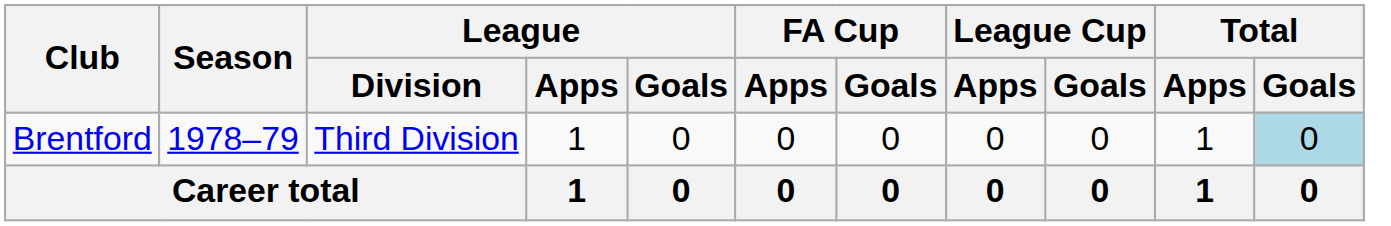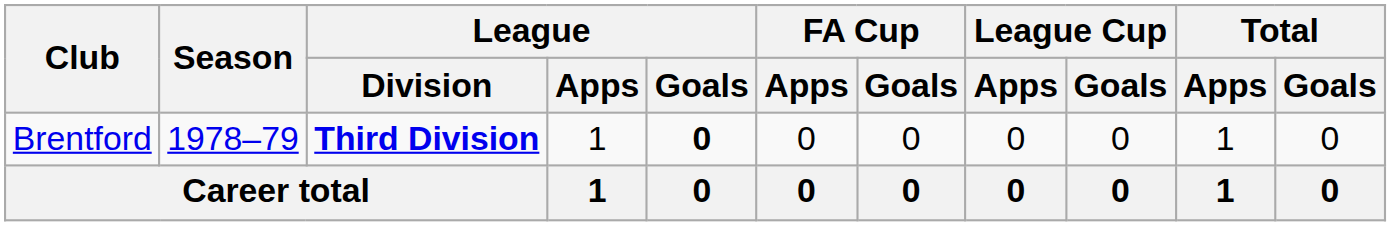 <table class="wikitable" style="text-align: center;">
 <tr>
 <th rowspan="2">Club</th>
 <th rowspan="2">Season</th>
 <th colspan="3">League</th>
 <th colspan="2">FA Cup</th>
 <th colspan="2">League Cup</th>
 <th colspan="2">Total</th>
 </tr>
 <tr>
 <th>Division</th>
 <th>Apps</th>
 <th>Goals</th>
 <th>Apps</th>
 <th>Goals</th>
 <th>Apps</th>
 <th>Goals</th>
 <th>Apps</th>
 <th>Goals</th>
 </tr>
 <tr>
 <td><a href='#'>Brentford</a></td>
 <td><a href='#'>1978–79</a></td>
-<td><a href='#'>Third Division</a></td>
+<td><strong><a href='#'>Third Division</a></strong></td>
 <td>1</td>
-<td>0</td>
+<td><strong>0</strong></td>
 <td>0</td>
 <td>0</td>
 <td>0</td>
 <td>0</td>
 <td>1</td>
-<td style="background: lightblue;">0</td>
+<td>0</td>
 </tr>
 <tr>
 <th colspan="3">Career total</th>
 <th>1</th>
 <th>0</th>
 <th>0</th>
 <th>0</th>
 <th>0</th>
 <th>0</th>
 <th>1</th>
 <th>0</th>
 </tr>
 </table>
